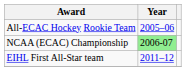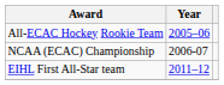 <table class="wikitable">
 <tr>
 <th>Award</th>
 <th>Year</th>
 <th></th>
 </tr>
 <tr>
 <td>All-<a href='#'>ECAC Hockey</a> <a href='#'>Rookie Team</a></td>
 <td><a href='#'>2005–06</a></td>
 <td></td>
 </tr>
 <tr>
 <td>NCAA (ECAC) Championship</td>
-<td style="background: lightgreen;">2006-07</td>
+<td>2006-07</td>
 <td></td>
 </tr>
 <tr>
 <td><a href='#'>EIHL</a> First All-Star team</td>
 <td><a href='#'>2011–12</a></td>
 <td></td>
 </tr>
 <tr>
 </tr>
 </table>
